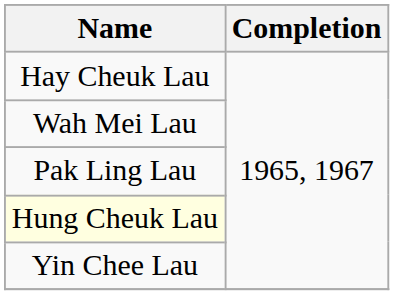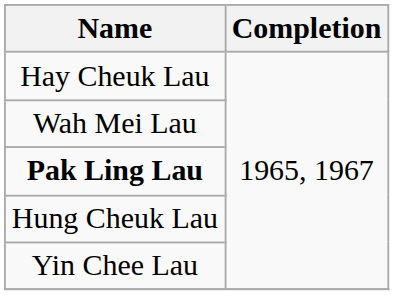 <table class="wikitable" style="text-align: center">
 <tr>
 <th>Name</th>
 <th>Completion</th>
 </tr>
 <tr>
 <td>Hay Cheuk Lau</td>
 <td rowspan="5">1965, 1967</td>
 </tr>
 <tr>
 <td>Wah Mei Lau</td>
 </tr>
 <tr>
-<td>Pak Ling Lau</td>
+<td><strong>Pak Ling Lau</strong></td>
 </tr>
 <tr>
-<td style="background: lightyellow;">Hung Cheuk Lau</td>
+<td>Hung Cheuk Lau</td>
 </tr>
 <tr>
 <td>Yin Chee Lau</td>
 </tr>
 <tr>
 </tr>
 </table>
